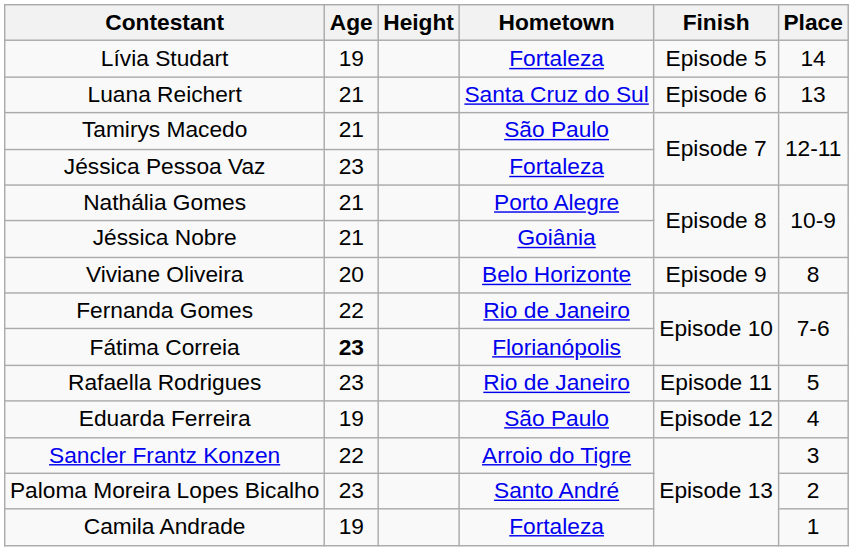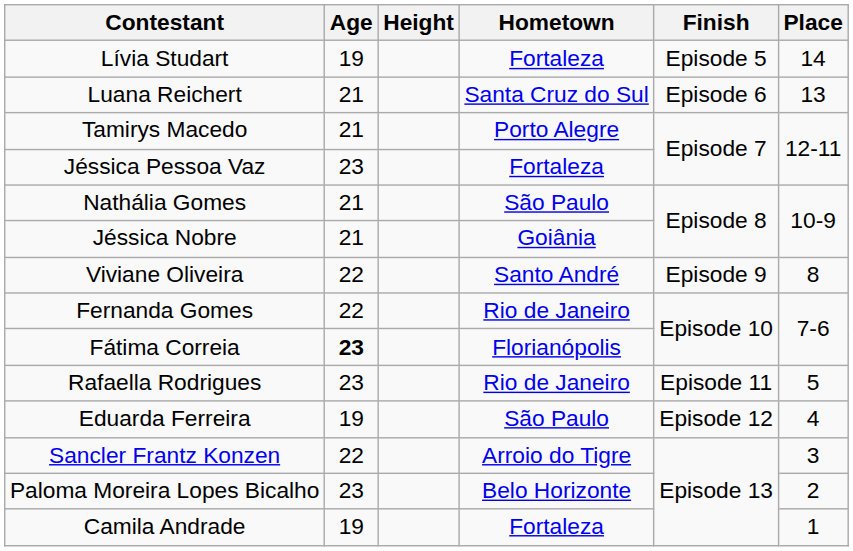 <table class="wikitable sortable" style="text-align:center;">
 <tr>
 <th>Contestant</th>
 <th>Age</th>
 <th>Height</th>
 <th>Hometown</th>
 <th>Finish</th>
 <th>Place</th>
 </tr>
 <tr>
 <td>Lívia Studart</td>
 <td>19</td>
 <td></td>
 <td><a href='#'>Fortaleza</a></td>
 <td>Episode 5</td>
 <td>14</td>
 </tr>
 <tr>
 <td>Luana Reichert</td>
 <td>21</td>
 <td></td>
 <td><a href='#'>Santa Cruz do Sul</a></td>
 <td>Episode 6</td>
 <td>13</td>
 </tr>
 <tr>
 <td>Tamirys Macedo</td>
 <td>21</td>
 <td></td>
-<td><a href='#'>São Paulo</a></td>
+<td><a href='#'>Porto Alegre</a></td>
 <td rowspan="2">Episode 7</td>
 <td rowspan="2">12-11</td>
 </tr>
 <tr>
 <td>Jéssica Pessoa Vaz</td>
 <td>23</td>
 <td></td>
 <td><a href='#'>Fortaleza</a></td>
 </tr>
 <tr>
 <td>Nathália Gomes</td>
 <td>21</td>
 <td></td>
-<td><a href='#'>Porto Alegre</a></td>
+<td><a href='#'>São Paulo</a></td>
 <td rowspan="2">Episode 8</td>
 <td rowspan="2">10-9</td>
 </tr>
 <tr>
 <td>Jéssica Nobre</td>
 <td>21</td>
 <td></td>
 <td><a href='#'>Goiânia</a></td>
 </tr>
 <tr>
 <td>Viviane Oliveira</td>
-<td>20</td>
+<td>22</td>
 <td></td>
-<td><a href='#'>Belo Horizonte</a></td>
+<td><a href='#'>Santo André</a></td>
 <td>Episode 9</td>
 <td>8</td>
 </tr>
 <tr>
 <td>Fernanda Gomes</td>
 <td>22</td>
 <td></td>
 <td><a href='#'>Rio de Janeiro</a></td>
 <td rowspan="2">Episode 10</td>
 <td rowspan="2">7-6</td>
 </tr>
 <tr>
 <td>Fátima Correia</td>
 <td><strong>23</strong></td>
 <td></td>
 <td><a href='#'>Florianópolis</a></td>
 </tr>
 <tr>
 <td>Rafaella Rodrigues</td>
 <td>23</td>
 <td></td>
 <td><a href='#'>Rio de Janeiro</a></td>
 <td>Episode 11</td>
 <td>5</td>
 </tr>
 <tr>
 <td>Eduarda Ferreira</td>
 <td>19</td>
 <td></td>
 <td><a href='#'>São Paulo</a></td>
 <td>Episode 12</td>
 <td>4</td>
 </tr>
 <tr>
 <td><a href='#'>Sancler Frantz Konzen</a></td>
 <td>22</td>
 <td></td>
 <td><a href='#'>Arroio do Tigre</a></td>
 <td rowspan="3">Episode 13</td>
 <td>3</td>
 </tr>
 <tr>
 <td>Paloma Moreira Lopes Bicalho</td>
 <td>23</td>
 <td></td>
-<td><a href='#'>Santo André</a></td>
+<td><a href='#'>Belo Horizonte</a></td>
 <td>2</td>
 </tr>
 <tr>
 <td>Camila Andrade</td>
 <td>19</td>
 <td></td>
 <td><a href='#'>Fortaleza</a></td>
 <td>1</td>
 </tr>
 </table>
